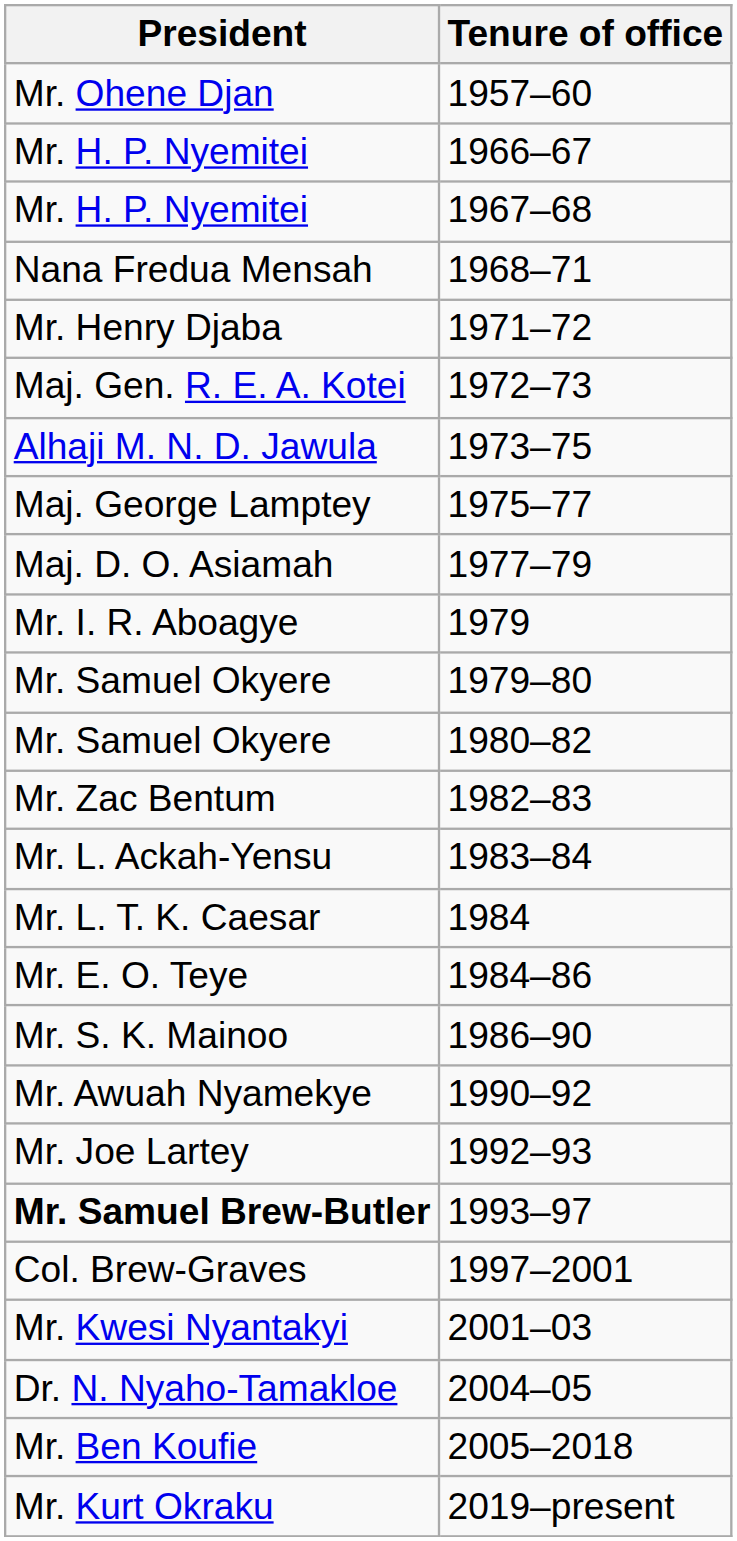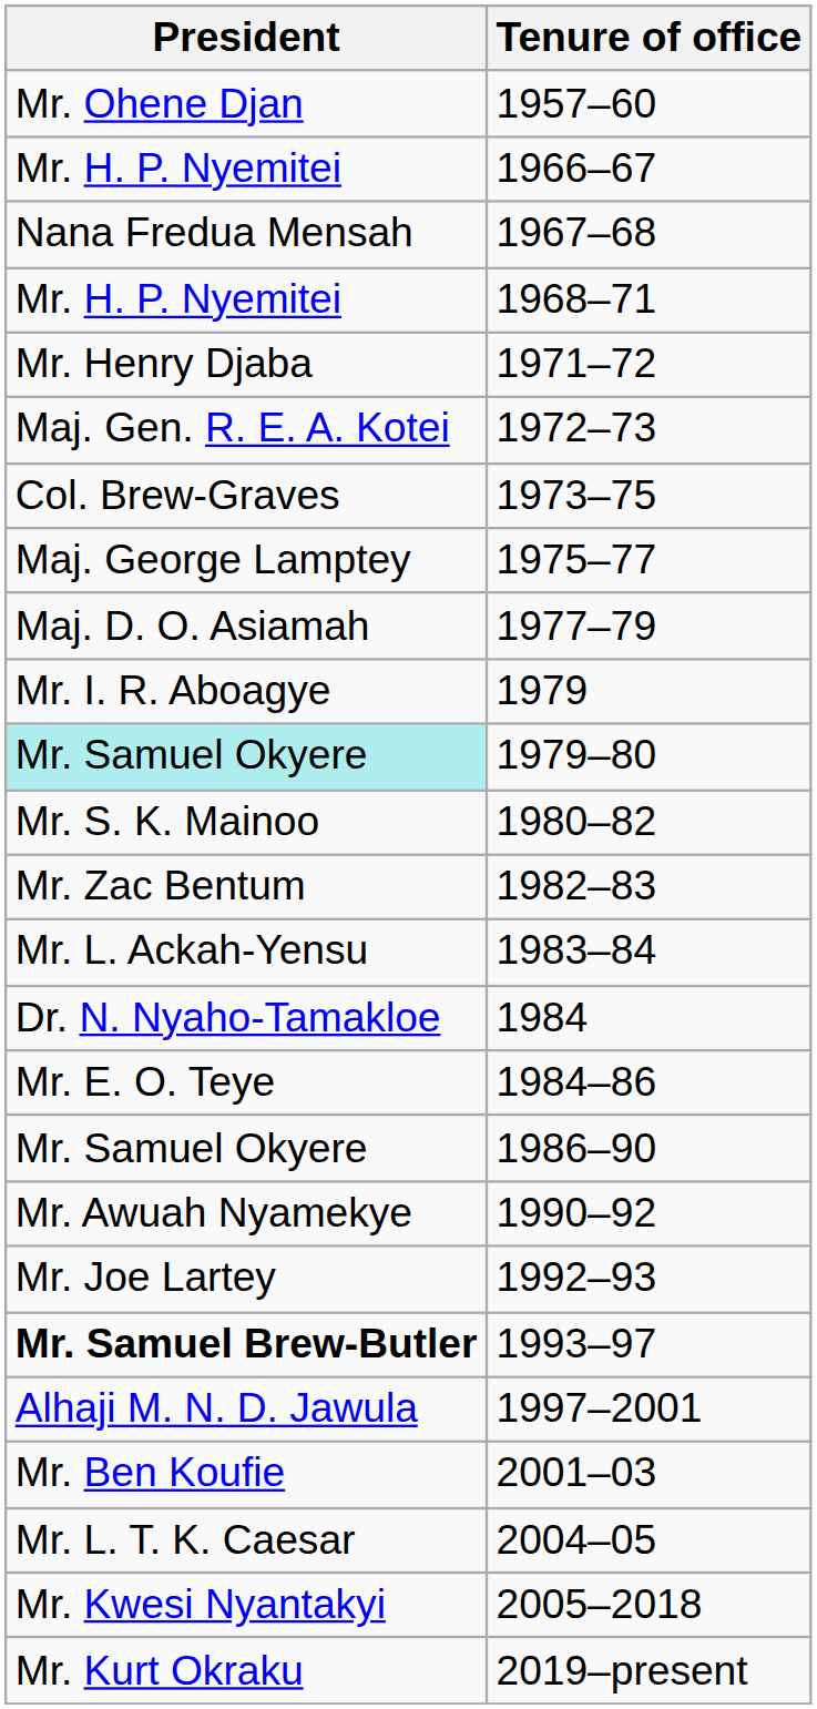 <table class="wikitable collapsible sortable">
 <tr>
 <th>President</th>
 <th>Tenure of office</th>
 </tr>
 <tr>
 <td>Mr. <a href='#'>Ohene Djan</a></td>
 <td>1957–60</td>
 </tr>
 <tr>
 <td>Mr. <a href='#'>H. P. Nyemitei</a></td>
 <td>1966–67</td>
 </tr>
 <tr>
-<td>Mr. <a href='#'>H. P. Nyemitei</a></td>
+<td>Nana Fredua Mensah</td>
 <td>1967–68</td>
 </tr>
 <tr>
-<td>Nana Fredua Mensah</td>
+<td>Mr. <a href='#'>H. P. Nyemitei</a></td>
 <td>1968–71</td>
 </tr>
 <tr>
 <td>Mr. Henry Djaba</td>
 <td>1971–72</td>
 </tr>
 <tr>
 <td>Maj. Gen. <a href='#'>R. E. A. Kotei</a></td>
 <td>1972–73</td>
 </tr>
 <tr>
-<td><a href='#'>Alhaji M. N. D. Jawula</a></td>
+<td>Col. Brew-Graves</td>
 <td>1973–75</td>
 </tr>
 <tr>
 <td>Maj. George Lamptey</td>
 <td>1975–77</td>
 </tr>
 <tr>
 <td>Maj. D. O. Asiamah</td>
 <td>1977–79</td>
 </tr>
 <tr>
 <td>Mr. I. R. Aboagye</td>
 <td>1979</td>
 </tr>
 <tr>
-<td>Mr. Samuel Okyere</td>
+<td style="background: paleturquoise;">Mr. Samuel Okyere</td>
 <td>1979–80</td>
 </tr>
 <tr>
-<td>Mr. Samuel Okyere</td>
+<td>Mr. S. K. Mainoo</td>
 <td>1980–82</td>
 </tr>
 <tr>
 <td>Mr. Zac Bentum</td>
 <td>1982–83</td>
 </tr>
 <tr>
 <td>Mr. L. Ackah-Yensu</td>
 <td>1983–84</td>
 </tr>
 <tr>
-<td>Mr. L. T. K. Caesar</td>
+<td>Dr. <a href='#'>N. Nyaho-Tamakloe</a></td>
 <td>1984</td>
 </tr>
 <tr>
 <td>Mr. E. O. Teye</td>
 <td>1984–86</td>
 </tr>
 <tr>
-<td>Mr. S. K. Mainoo</td>
+<td>Mr. Samuel Okyere</td>
 <td>1986–90</td>
 </tr>
 <tr>
 <td>Mr. Awuah Nyamekye</td>
 <td>1990–92</td>
 </tr>
 <tr>
 <td>Mr. Joe Lartey</td>
 <td>1992–93</td>
 </tr>
 <tr>
 <td><strong>Mr. Samuel Brew-Butler</strong></td>
 <td>1993–97</td>
 </tr>
 <tr>
-<td>Col. Brew-Graves</td>
+<td><a href='#'>Alhaji M. N. D. Jawula</a></td>
 <td>1997–2001</td>
 </tr>
 <tr>
-<td>Mr. <a href='#'>Kwesi Nyantakyi</a></td>
+<td>Mr. <a href='#'>Ben Koufie</a></td>
 <td>2001–03</td>
 </tr>
 <tr>
-<td>Dr. <a href='#'>N. Nyaho-Tamakloe</a></td>
+<td>Mr. L. T. K. Caesar</td>
 <td>2004–05</td>
 </tr>
 <tr>
-<td>Mr. <a href='#'>Ben Koufie</a></td>
+<td>Mr. <a href='#'>Kwesi Nyantakyi</a></td>
 <td>2005–2018</td>
 </tr>
 <tr>
 <td>Mr. <a href='#'>Kurt Okraku</a></td>
 <td>2019–present</td>
 </tr>
 </table>
